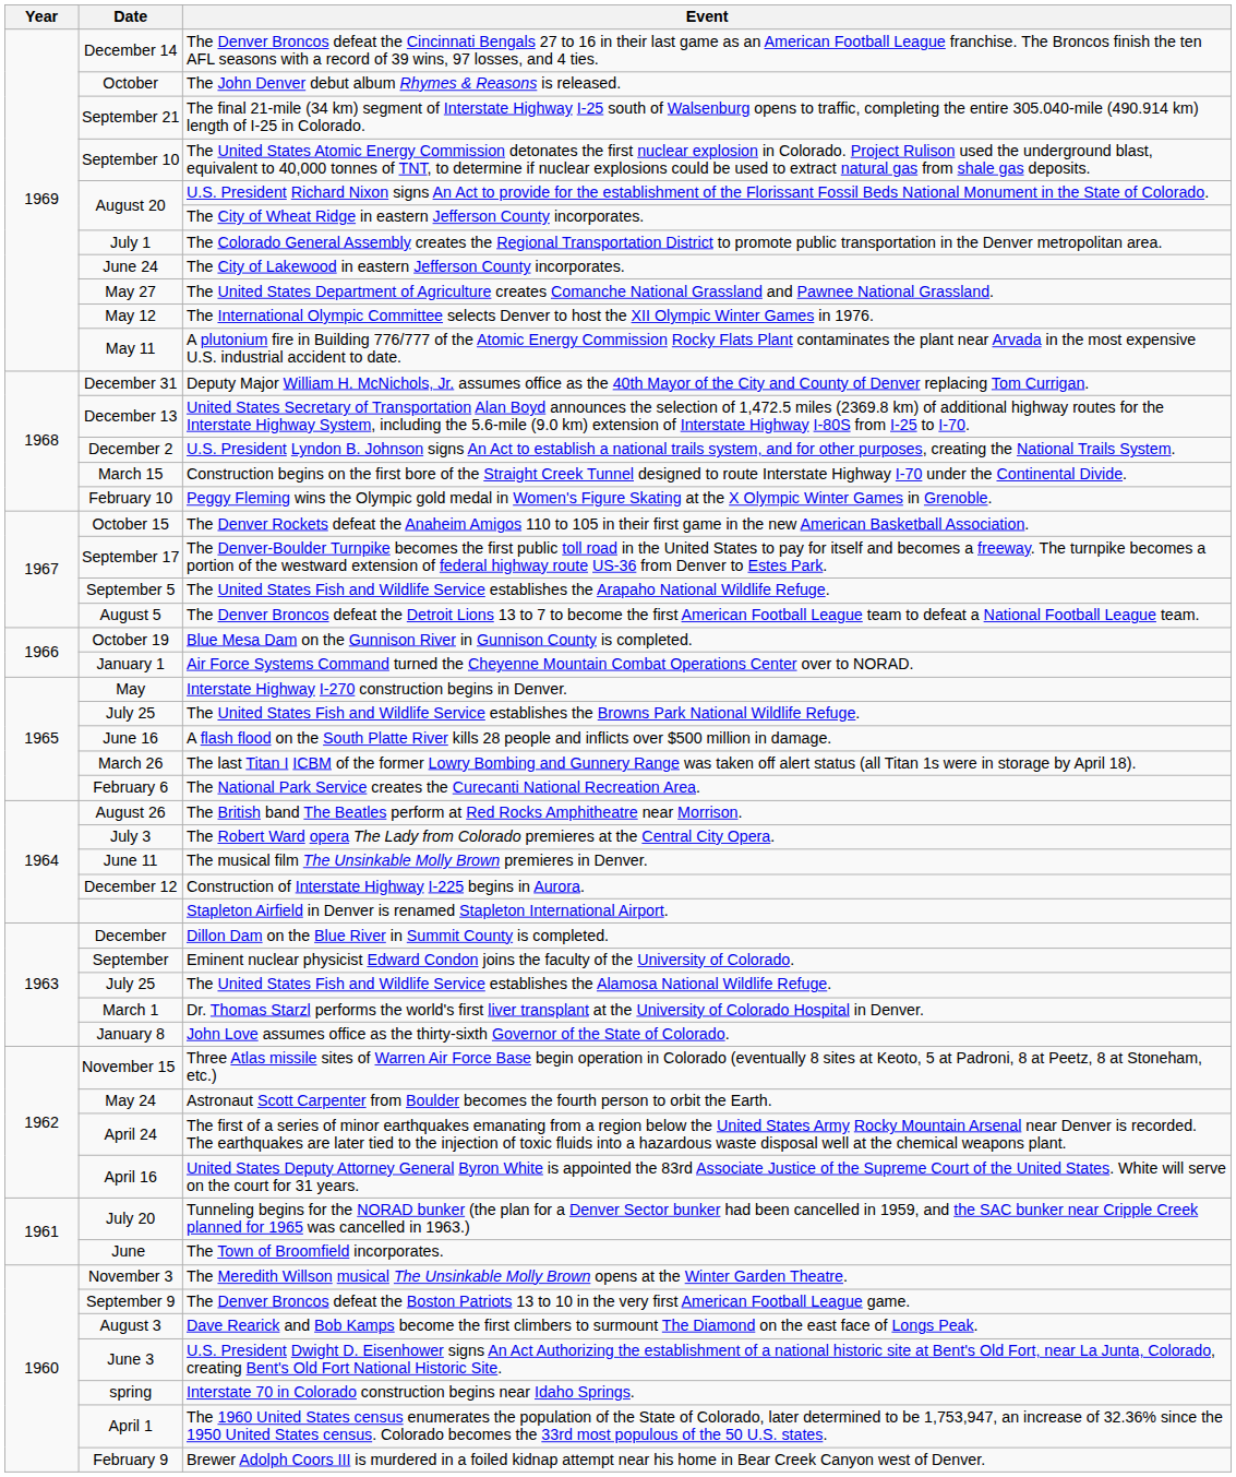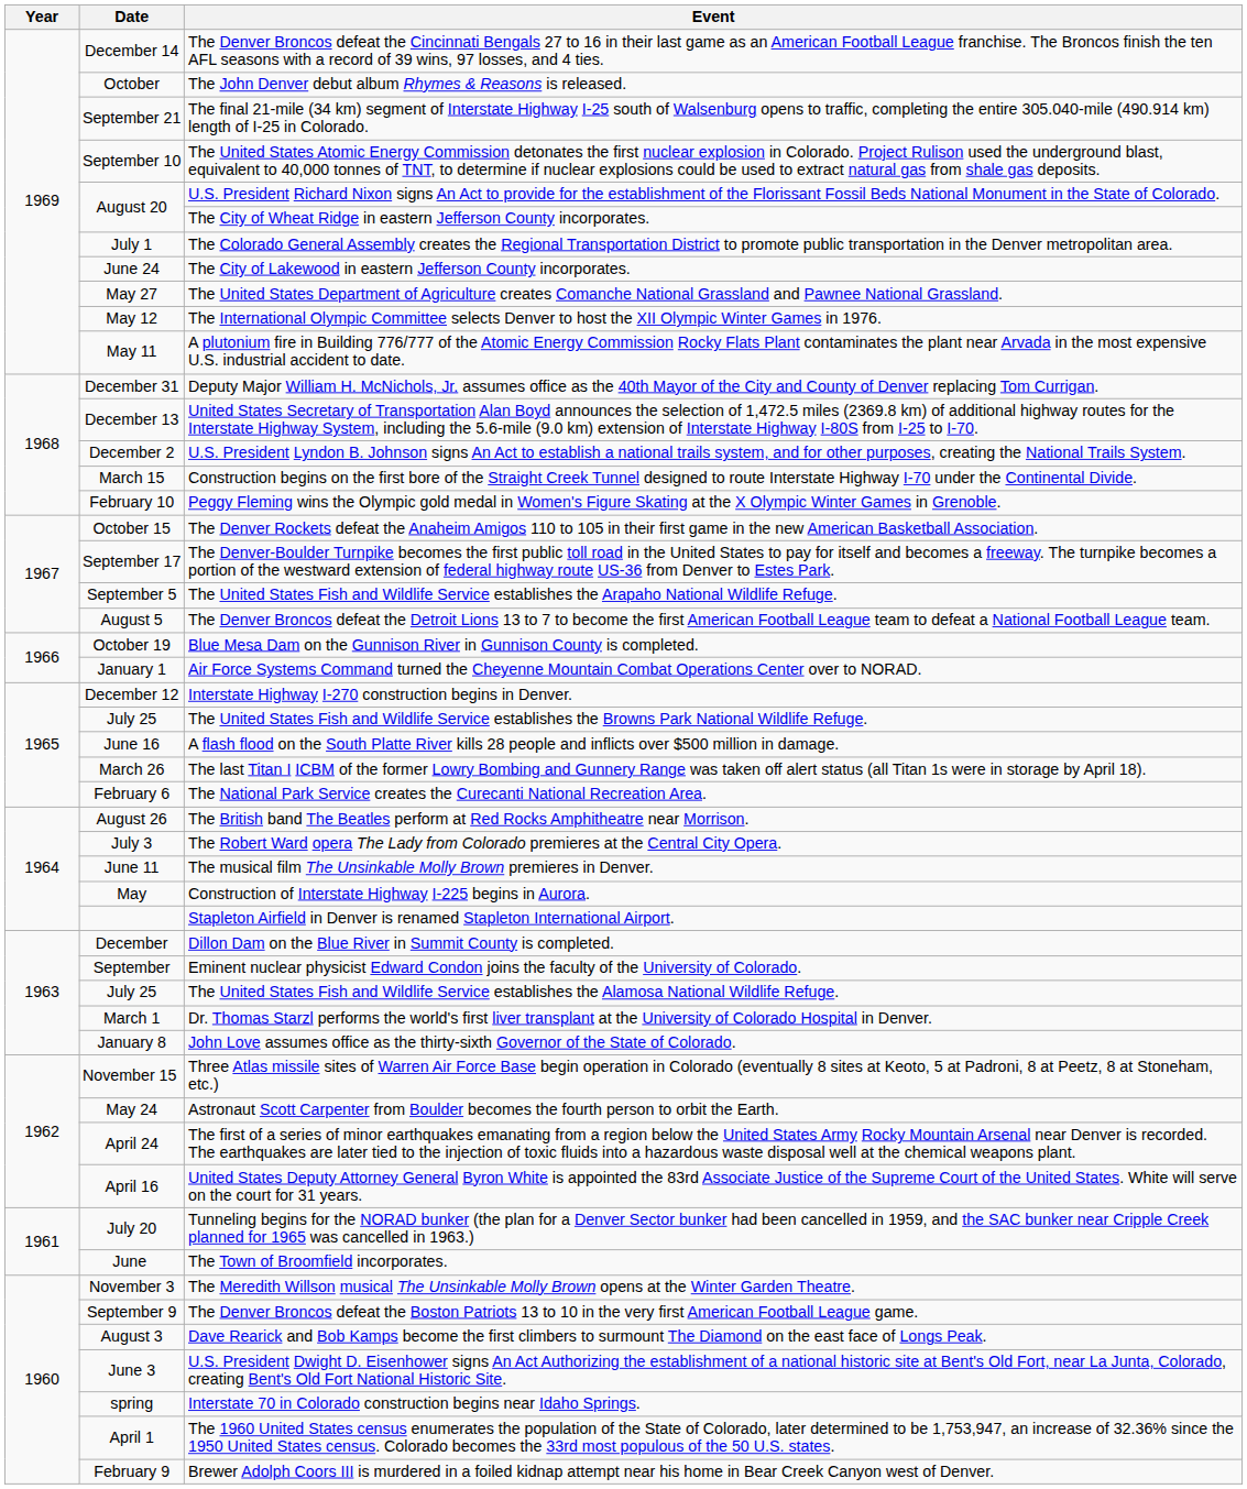 <table class="wikitable" style="width:100%;">
 <tr>
 <th style="width:6%">Year</th>
 <th style="width:8%">Date</th>
 <th style="width:86%">Event</th>
 </tr>
 <tr>
 <td align=center rowspan=11>1969</td>
 <td align=center>December 14</td>
 <td>The <a href='#'>Denver Broncos</a> defeat the <a href='#'>Cincinnati Bengals</a> 27 to 16 in their last game as an <a href='#'>American Football League</a> franchise. The Broncos finish the ten AFL seasons with a record of 39 wins, 97 losses, and 4 ties.</td>
 </tr>
 <tr>
 <td align=center>October</td>
 <td>The <a href='#'>John Denver</a> debut album <a href='#'><em>Rhymes & Reasons</em></a> is released.</td>
 </tr>
 <tr>
 <td align=center>September 21</td>
 <td>The final 21-mile (34 km) segment of <a href='#'>Interstate Highway</a> <a href='#'>I-25</a> south of <a href='#'>Walsenburg</a> opens to traffic, completing the entire 305.040-mile (490.914 km) length of I-25 in Colorado.</td>
 </tr>
 <tr>
 <td align=center>September 10</td>
 <td>The <a href='#'>United States Atomic Energy Commission</a> detonates the first <a href='#'>nuclear explosion</a> in Colorado. <a href='#'>Project Rulison</a> used the underground blast, equivalent to 40,000 tonnes of <a href='#'>TNT</a>, to determine if nuclear explosions could be used to extract <a href='#'>natural gas</a> from <a href='#'>shale gas</a> deposits.</td>
 </tr>
 <tr>
 <td align=center rowspan=2>August 20</td>
 <td><a href='#'>U.S. President</a> <a href='#'>Richard Nixon</a> signs <a href='#'>An Act to provide for the establishment of the Florissant Fossil Beds National Monument in the State of Colorado</a>.</td>
 </tr>
 <tr>
 <td>The <a href='#'>City of Wheat Ridge</a> in eastern <a href='#'>Jefferson County</a> incorporates.</td>
 </tr>
 <tr>
 <td align=center>July 1</td>
 <td>The <a href='#'>Colorado General Assembly</a> creates the <a href='#'>Regional Transportation District</a> to promote public transportation in the Denver metropolitan area.</td>
 </tr>
 <tr>
 <td align=center>June 24</td>
 <td>The <a href='#'>City of Lakewood</a> in eastern <a href='#'>Jefferson County</a> incorporates.</td>
 </tr>
 <tr>
 <td align=center>May 27</td>
 <td>The <a href='#'>United States Department of Agriculture</a> creates <a href='#'>Comanche National Grassland</a> and <a href='#'>Pawnee National Grassland</a>.</td>
 </tr>
 <tr>
 <td align=center>May 12</td>
 <td>The <a href='#'>International Olympic Committee</a> selects Denver to host the <a href='#'>XII Olympic Winter Games</a> in 1976.</td>
 </tr>
 <tr>
 <td align=center>May 11</td>
 <td>A <a href='#'>plutonium</a> fire in Building 776/777 of the <a href='#'>Atomic Energy Commission</a> <a href='#'>Rocky Flats Plant</a> contaminates the plant near <a href='#'>Arvada</a> in the most expensive U.S. industrial accident to date.</td>
 </tr>
 <tr>
 <td align=center rowspan=5>1968</td>
 <td align=center>December 31</td>
 <td>Deputy Major <a href='#'>William H. McNichols, Jr.</a> assumes office as the <a href='#'>40th Mayor of the City and County of Denver</a> replacing <a href='#'>Tom Currigan</a>.</td>
 </tr>
 <tr>
 <td align=center>December 13</td>
 <td><a href='#'>United States Secretary of Transportation</a> <a href='#'>Alan Boyd</a> announces the selection of 1,472.5 miles (2369.8 km) of additional highway routes for the <a href='#'>Interstate Highway System</a>, including the 5.6-mile (9.0 km) extension of <a href='#'>Interstate Highway</a> <a href='#'>I-80S</a> from <a href='#'>I-25</a> to <a href='#'>I-70</a>.</td>
 </tr>
 <tr>
 <td align=center>December 2</td>
 <td><a href='#'>U.S. President</a> <a href='#'>Lyndon B. Johnson</a> signs <a href='#'>An Act to establish a national trails system, and for other purposes</a>, creating the <a href='#'>National Trails System</a>.</td>
 </tr>
 <tr>
 <td align=center>March 15</td>
 <td>Construction begins on the first bore of the <a href='#'>Straight Creek Tunnel</a> designed to route Interstate Highway <a href='#'>I-70</a> under the <a href='#'>Continental Divide</a>.</td>
 </tr>
 <tr>
 <td align=center>February 10</td>
 <td><a href='#'>Peggy Fleming</a> wins the Olympic gold medal in <a href='#'>Women's Figure Skating</a> at the <a href='#'>X Olympic Winter Games</a> in <a href='#'>Grenoble</a>.</td>
 </tr>
 <tr>
 <td align=center rowspan=4>1967</td>
 <td align=center>October 15</td>
 <td>The <a href='#'>Denver Rockets</a> defeat the <a href='#'>Anaheim Amigos</a> 110 to 105 in their first game in the new <a href='#'>American Basketball Association</a>.</td>
 </tr>
 <tr>
 <td align=center>September 17</td>
 <td>The <a href='#'>Denver-Boulder Turnpike</a> becomes the first public <a href='#'>toll road</a> in the United States to pay for itself and becomes a <a href='#'>freeway</a>. The turnpike becomes a portion of the westward extension of <a href='#'>federal highway route</a> <a href='#'>US-36</a> from Denver to <a href='#'>Estes Park</a>.</td>
 </tr>
 <tr>
 <td align=center>September 5</td>
 <td>The <a href='#'>United States Fish and Wildlife Service</a> establishes the <a href='#'>Arapaho National Wildlife Refuge</a>.</td>
 </tr>
 <tr>
 <td align=center>August 5</td>
 <td>The <a href='#'>Denver Broncos</a> defeat the <a href='#'>Detroit Lions</a> 13 to 7 to become the first <a href='#'>American Football League</a> team to defeat a <a href='#'>National Football League</a> team.</td>
 </tr>
 <tr>
 <td align=center rowspan=2>1966</td>
 <td align=center>October 19</td>
 <td><a href='#'>Blue Mesa Dam</a> on the <a href='#'>Gunnison River</a> in <a href='#'>Gunnison County</a> is completed.</td>
 </tr>
 <tr>
 <td align=center>January 1</td>
 <td><a href='#'>Air Force Systems Command</a> turned the <a href='#'>Cheyenne Mountain Combat Operations Center</a> over to NORAD.</td>
 </tr>
 <tr>
 <td align=center rowspan=5>1965</td>
-<td align=center>May</td>
+<td align=center>December 12</td>
 <td><a href='#'>Interstate Highway</a> <a href='#'>I-270</a> construction begins in Denver.</td>
 </tr>
 <tr>
 <td align=center>July 25</td>
 <td>The <a href='#'>United States Fish and Wildlife Service</a> establishes the <a href='#'>Browns Park National Wildlife Refuge</a>.</td>
 </tr>
 <tr>
 <td align=center>June 16</td>
 <td>A <a href='#'>flash flood</a> on the <a href='#'>South Platte River</a> kills 28 people and inflicts over $500 million in damage.</td>
 </tr>
 <tr>
 <td align=center>March 26</td>
 <td>The last <a href='#'>Titan I</a> <a href='#'>ICBM</a> of the former <a href='#'>Lowry Bombing and Gunnery Range</a> was taken off alert status (all Titan 1s were in storage by April 18).</td>
 </tr>
 <tr>
 <td align=center>February 6</td>
 <td>The <a href='#'>National Park Service</a> creates the <a href='#'>Curecanti National Recreation Area</a>.</td>
 </tr>
 <tr>
 <td align=center rowspan=5>1964</td>
 <td align=center>August 26</td>
 <td>The <a href='#'>British</a> band <a href='#'>The Beatles</a> perform at <a href='#'>Red Rocks Amphitheatre</a> near <a href='#'>Morrison</a>.</td>
 </tr>
 <tr>
 <td align=center>July 3</td>
 <td>The <a href='#'>Robert Ward</a> <a href='#'>opera</a> <em>The Lady from Colorado</em> premieres at the <a href='#'>Central City Opera</a>.</td>
 </tr>
 <tr>
 <td align=center>June 11</td>
 <td>The musical film <a href='#'><em>The Unsinkable Molly Brown</em></a> premieres in Denver.</td>
 </tr>
 <tr>
-<td align=center>December 12</td>
+<td align=center>May</td>
 <td>Construction of <a href='#'>Interstate Highway</a> <a href='#'>I-225</a> begins in <a href='#'>Aurora</a>.</td>
 </tr>
 <tr>
 <td align=center></td>
 <td><a href='#'>Stapleton Airfield</a> in Denver is renamed <a href='#'>Stapleton International Airport</a>.</td>
 </tr>
 <tr>
 <td align=center rowspan=5>1963</td>
 <td align=center>December</td>
 <td><a href='#'>Dillon Dam</a> on the <a href='#'>Blue River</a> in <a href='#'>Summit County</a> is completed.</td>
 </tr>
 <tr>
 <td align=center>September</td>
 <td>Eminent nuclear physicist <a href='#'>Edward Condon</a> joins the faculty of the <a href='#'>University of Colorado</a>.</td>
 </tr>
 <tr>
 <td align=center>July 25</td>
 <td>The <a href='#'>United States Fish and Wildlife Service</a> establishes the <a href='#'>Alamosa National Wildlife Refuge</a>.</td>
 </tr>
 <tr>
 <td align=center>March 1</td>
 <td>Dr. <a href='#'>Thomas Starzl</a> performs the world's first <a href='#'>liver transplant</a> at the <a href='#'>University of Colorado Hospital</a> in Denver.</td>
 </tr>
 <tr>
 <td align=center>January 8</td>
 <td><a href='#'>John Love</a> assumes office as the thirty-sixth <a href='#'>Governor of the State of Colorado</a>.</td>
 </tr>
 <tr>
 <td align=center rowspan=4>1962</td>
 <td>November 15</td>
 <td>Three <a href='#'>Atlas missile</a> sites of <a href='#'>Warren Air Force Base</a> begin operation in Colorado (eventually 8 sites at Keoto, 5 at Padroni, 8 at Peetz, 8 at Stoneham, etc.) </td>
 </tr>
 <tr>
 <td align=center>May 24</td>
 <td>Astronaut <a href='#'>Scott Carpenter</a> from <a href='#'>Boulder</a> becomes the fourth person to orbit the Earth.</td>
 </tr>
 <tr>
 <td align=center>April 24</td>
 <td>The first of a series of minor earthquakes emanating from a region below the <a href='#'>United States Army</a> <a href='#'>Rocky Mountain Arsenal</a> near Denver is recorded. The earthquakes are later tied to the injection of toxic fluids into a hazardous waste disposal well at the chemical weapons plant.</td>
 </tr>
 <tr>
 <td align=center>April 16</td>
 <td><a href='#'>United States Deputy Attorney General</a> <a href='#'>Byron White</a> is appointed the 83rd <a href='#'>Associate Justice of the Supreme Court of the United States</a>. White will serve on the court for 31 years.</td>
 </tr>
 <tr>
 <td align=center rowspan=2>1961</td>
 <td align=center>July 20</td>
 <td>Tunneling begins for the <a href='#'>NORAD bunker</a> (the plan for a <a href='#'>Denver Sector bunker</a> had been cancelled in 1959, and <a href='#'>the SAC bunker near Cripple Creek planned for 1965</a> was cancelled in 1963.)</td>
 </tr>
 <tr>
 <td align=center>June </td>
 <td>The <a href='#'>Town of Broomfield</a> incorporates.</td>
 </tr>
 <tr>
 <td align=center rowspan=7>1960</td>
 <td align=center>November 3</td>
 <td>The <a href='#'>Meredith Willson</a> <a href='#'>musical</a> <a href='#'><em>The Unsinkable Molly Brown</em></a> opens at the <a href='#'>Winter Garden Theatre</a>.</td>
 </tr>
 <tr>
 <td align=center>September 9</td>
 <td>The <a href='#'>Denver Broncos</a> defeat the <a href='#'>Boston Patriots</a> 13 to 10 in the very first <a href='#'>American Football League</a> game.</td>
 </tr>
 <tr>
 <td align=center>August 3</td>
 <td><a href='#'>Dave Rearick</a> and <a href='#'>Bob Kamps</a> become the first climbers to surmount <a href='#'>The Diamond</a> on the east face of <a href='#'>Longs Peak</a>.</td>
 </tr>
 <tr>
 <td align=center>June 3</td>
 <td><a href='#'>U.S. President</a> <a href='#'>Dwight D. Eisenhower</a> signs <a href='#'>An Act Authorizing the establishment of a national historic site at Bent's Old Fort, near La Junta, Colorado</a>, creating <a href='#'>Bent's Old Fort National Historic Site</a>.</td>
 </tr>
 <tr>
 <td align=center>spring</td>
 <td><a href='#'>Interstate 70 in Colorado</a> construction begins near <a href='#'>Idaho Springs</a>.</td>
 </tr>
 <tr>
 <td align=center>April 1</td>
 <td>The <a href='#'>1960 United States census</a> enumerates the population of the State of Colorado, later determined to be 1,753,947, an increase of 32.36% since the <a href='#'>1950 United States census</a>. Colorado becomes the <a href='#'>33rd most populous of the 50 U.S. states</a>.</td>
 </tr>
 <tr>
 <td align=center>February 9</td>
 <td>Brewer <a href='#'>Adolph Coors III</a> is murdered in a foiled kidnap attempt near his home in Bear Creek Canyon west of Denver.</td>
 </tr>
 </table>
